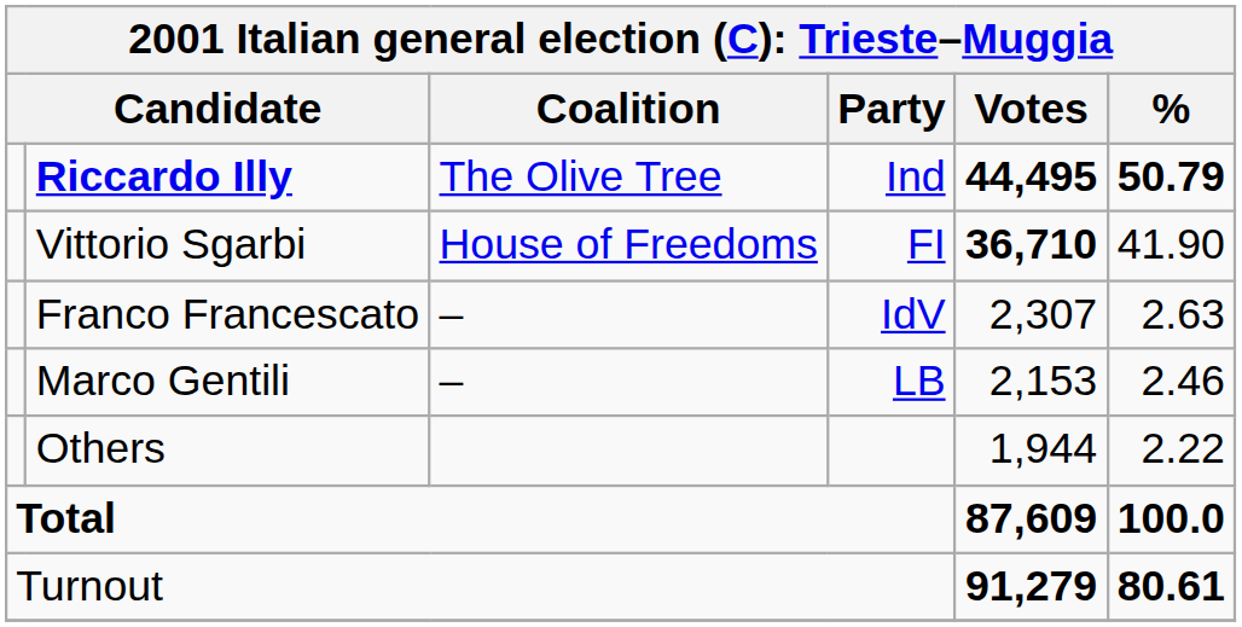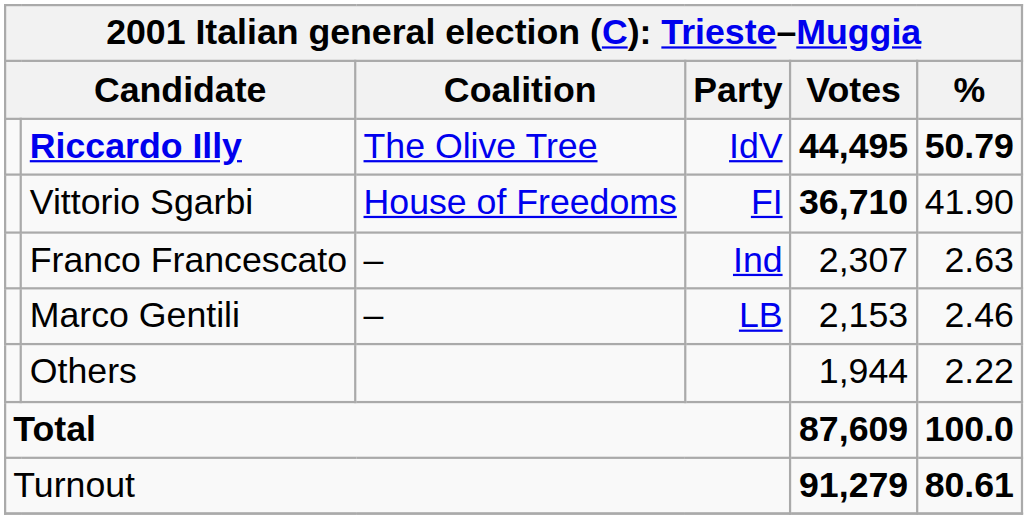 <table class=wikitable style=text-align:right>
 <tr>
 <th colspan=6>2001 Italian general election (<a href='#'>C</a>): <a href='#'>Trieste</a>–<a href='#'>Muggia</a></th>
 </tr>
 <tr>
 <th colspan=2>Candidate</th>
 <th>Coalition</th>
 <th>Party</th>
 <th>Votes</th>
 <th>%</th>
 </tr>
 <tr>
 <td></td>
 <td align=left><strong><a href='#'>Riccardo Illy</a></strong></td>
 <td align=left><a href='#'>The Olive Tree</a></td>
-<td><a href='#'>Ind</a></td>
+<td><a href='#'>IdV</a></td>
 <td><strong>44,495</strong></td>
 <td><strong>50.79</strong></td>
 </tr>
 <tr>
 <td></td>
 <td align=left>Vittorio Sgarbi</td>
 <td align=left><a href='#'>House of Freedoms</a></td>
 <td><a href='#'>FI</a></td>
 <td><strong>36,710</strong></td>
 <td>41.90</td>
 </tr>
 <tr>
 <td></td>
 <td align=left>Franco Francescato</td>
 <td align=left>–</td>
-<td><a href='#'>IdV</a></td>
+<td><a href='#'>Ind</a></td>
 <td>2,307</td>
 <td>2.63</td>
 </tr>
 <tr>
 <td></td>
 <td align=left>Marco Gentili</td>
 <td align=left>–</td>
 <td><a href='#'>LB</a></td>
 <td>2,153</td>
 <td>2.46</td>
 </tr>
 <tr>
 <td></td>
 <td align=left>Others</td>
 <td></td>
 <td></td>
 <td>1,944</td>
 <td>2.22</td>
 </tr>
 <tr>
 <td align=left colspan=4><strong>Total</strong></td>
 <td><strong>87,609</strong></td>
 <td><strong>100.0</strong></td>
 </tr>
 <tr>
 <td align=left colspan=4>Turnout</td>
 <td><strong>91,279</strong></td>
 <td><strong>80.61</strong></td>
 </tr>
 <tr>
 </tr>
 </table>
